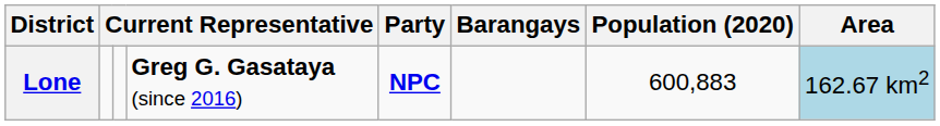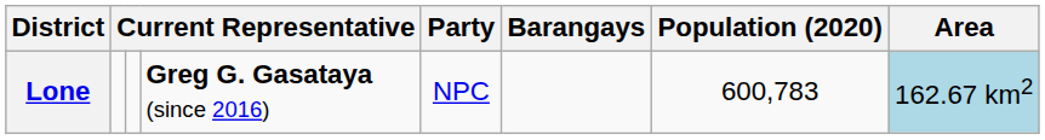 <table class="wikitable sortable" style="margin: 1em auto; font-size:100%; line-height:20px; text-align:center">
 <tr>
 <th>District</th>
 <th colspan="3">Current Representative</th>
 <th>Party</th>
 <th>Barangays</th>
 <th>Population (2020)</th>
 <th>Area</th>
 </tr>
 <tr>
 <th><a href='#'>Lone</a></th>
 <td style="background:"></td>
 <td></td>
 <td style="text-align:left;"><strong>Greg G. Gasataya	</strong><br><small>(since <a href='#'>2016</a>)</small></td>
-<td><strong><a href='#'>NPC</a></strong></td>
+<td><a href='#'>NPC</a></td>
 <td></td>
-<td>600,883</td>
+<td>600,783</td>
 <td style="background: lightblue;">162.67 km<sup>2</sup></td>
 </tr>
 </table>
